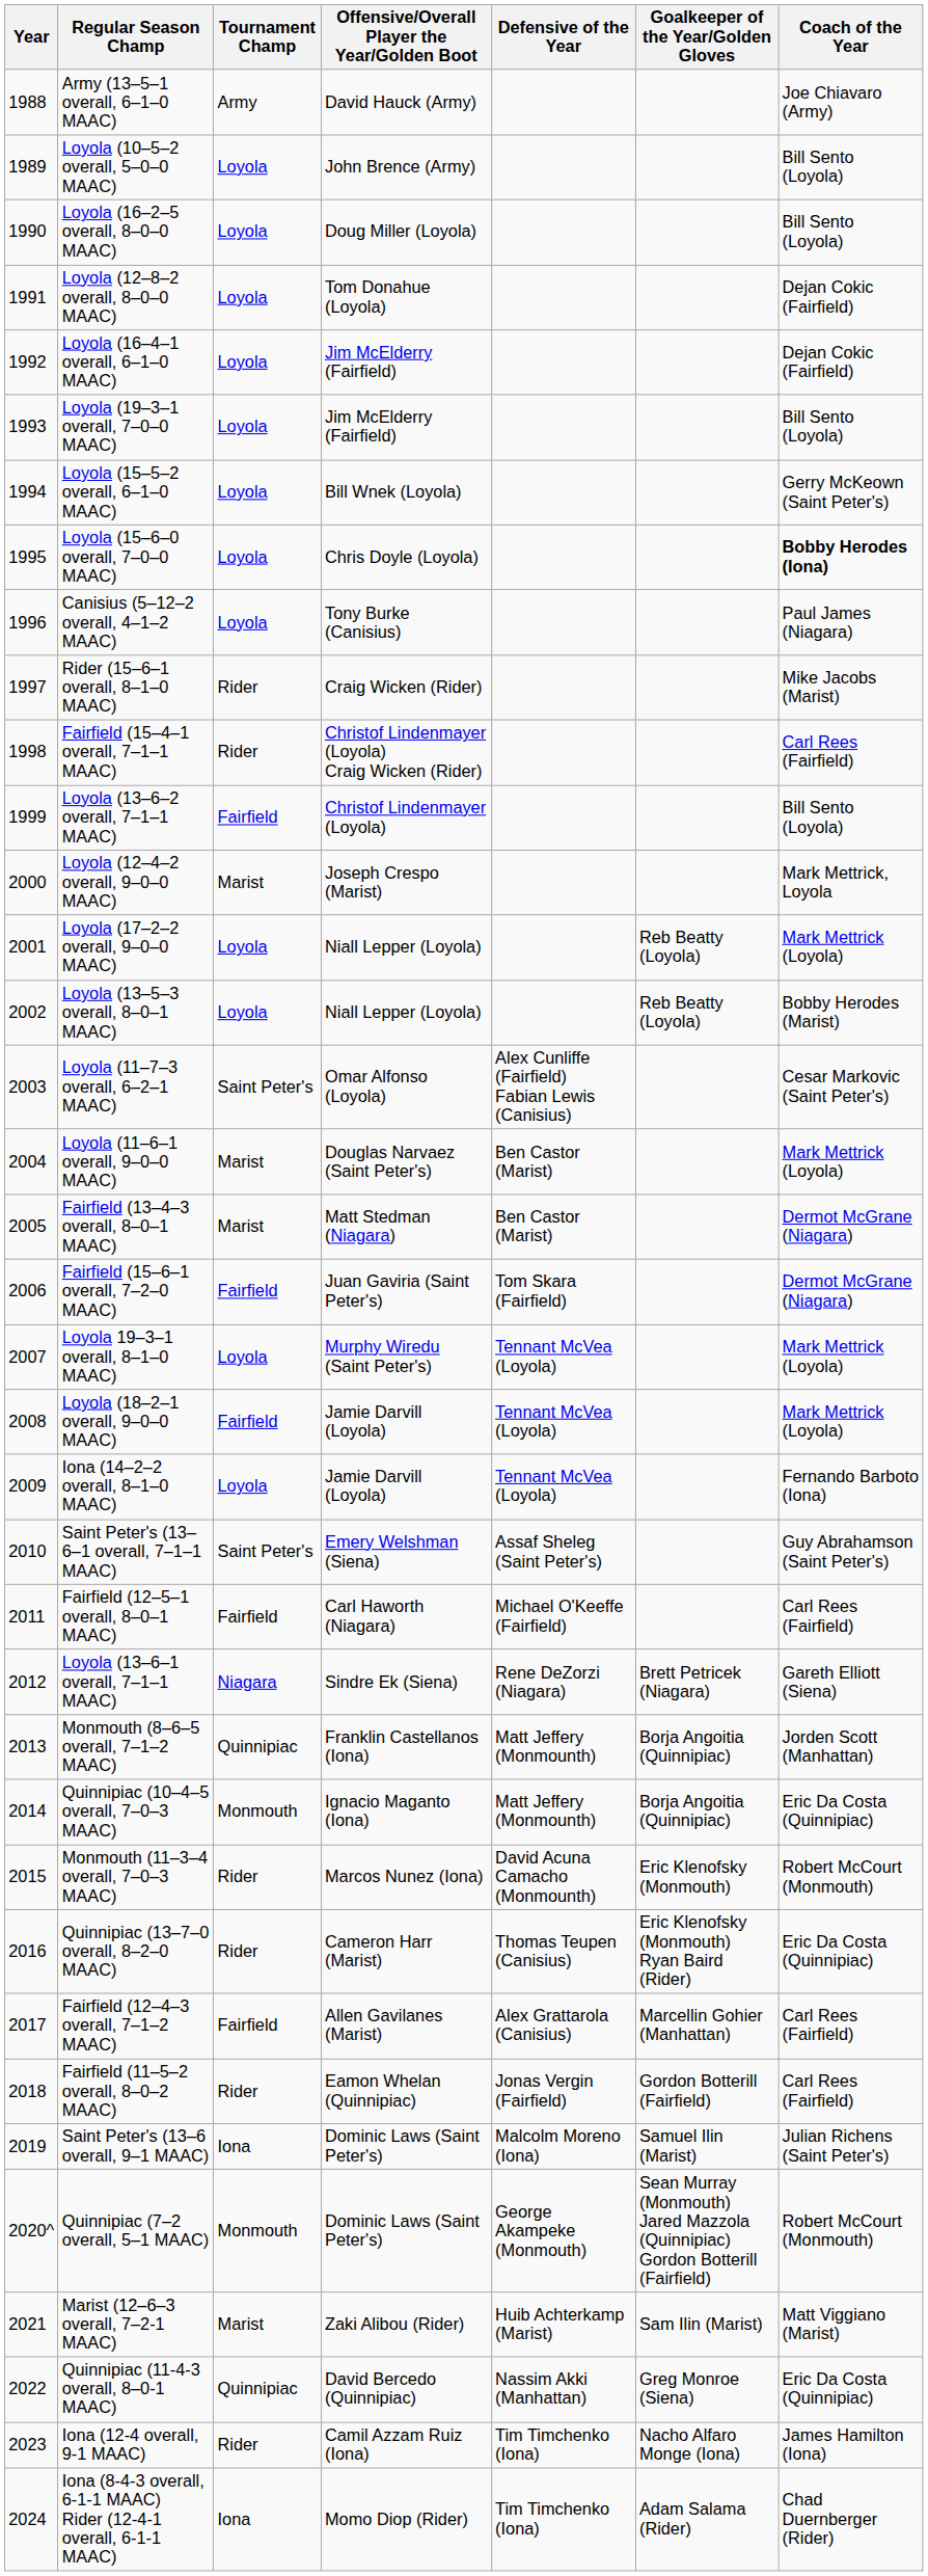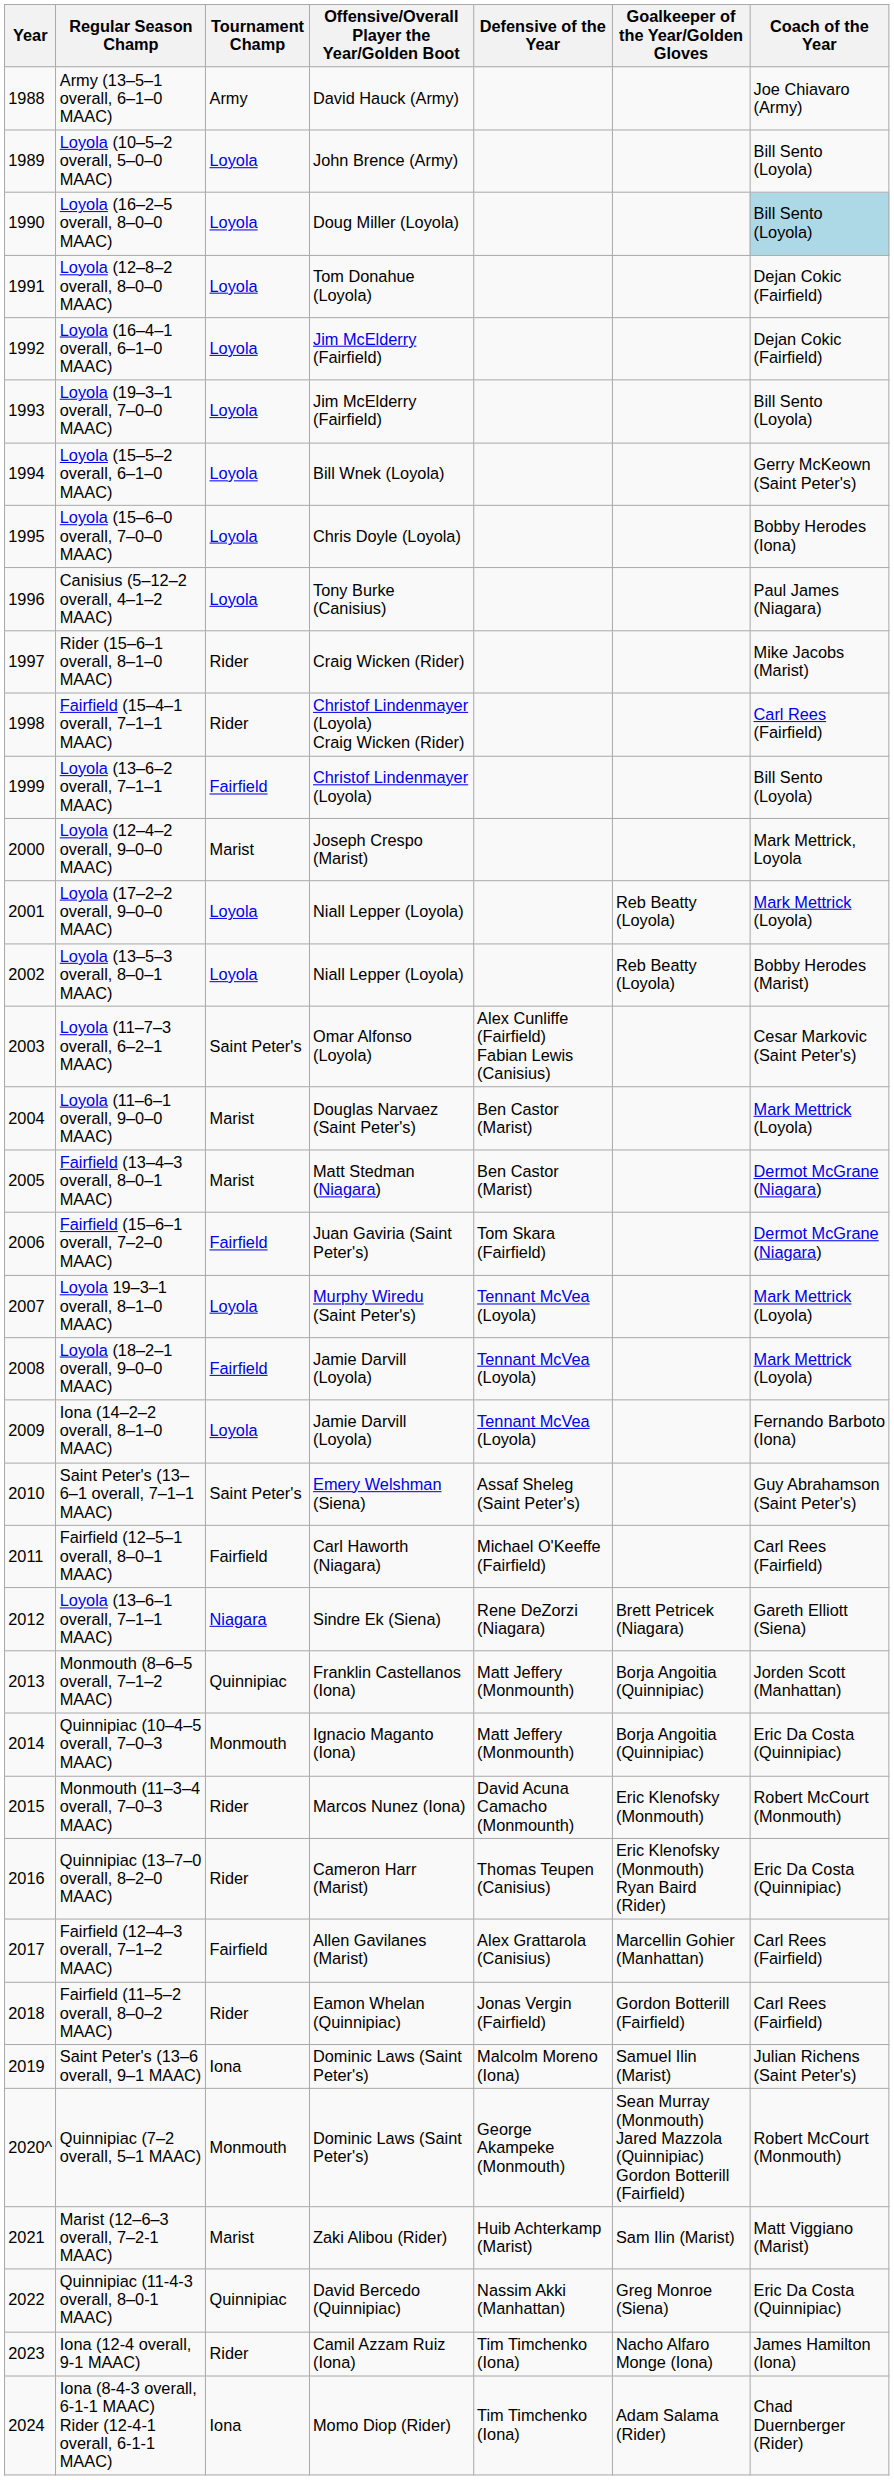 <table class="wikitable">
 <tr>
 <th width="40">Year</th>
 <th width="275">Regular Season Champ</th>
 <th width="100">Tournament Champ</th>
 <th width="200">Offensive/Overall Player the Year/Golden Boot</th>
 <th width="200">Defensive of the Year</th>
 <th width="200">Goalkeeper of the Year/Golden Gloves</th>
 <th width="210">Coach of the Year</th>
 </tr>
 <tr>
 <td>1988</td>
 <td>Army (13–5–1 overall, 6–1–0 MAAC)</td>
 <td>Army</td>
 <td>David Hauck (Army)</td>
 <td></td>
 <td></td>
 <td>Joe Chiavaro (Army)</td>
 </tr>
 <tr>
 <td>1989</td>
 <td><a href='#'>Loyola</a> (10–5–2 overall, 5–0–0 MAAC)</td>
 <td><a href='#'>Loyola</a></td>
 <td>John Brence (Army)</td>
 <td></td>
 <td></td>
 <td>Bill Sento (Loyola)</td>
 </tr>
 <tr>
 <td>1990</td>
 <td><a href='#'>Loyola</a> (16–2–5 overall, 8–0–0 MAAC)</td>
 <td><a href='#'>Loyola</a></td>
 <td>Doug Miller (Loyola)</td>
 <td></td>
 <td></td>
-<td>Bill Sento (Loyola)</td>
+<td style="background: lightblue;">Bill Sento (Loyola)</td>
 </tr>
 <tr>
 <td>1991</td>
 <td><a href='#'>Loyola</a> (12–8–2 overall, 8–0–0 MAAC)</td>
 <td><a href='#'>Loyola</a></td>
 <td>Tom Donahue (Loyola)</td>
 <td></td>
 <td></td>
 <td>Dejan Cokic (Fairfield)</td>
 </tr>
 <tr>
 <td>1992</td>
 <td><a href='#'>Loyola</a> (16–4–1 overall, 6–1–0 MAAC)</td>
 <td><a href='#'>Loyola</a></td>
 <td><a href='#'>Jim McElderry</a> (Fairfield)</td>
 <td></td>
 <td></td>
 <td>Dejan Cokic (Fairfield)</td>
 </tr>
 <tr>
 <td>1993</td>
 <td><a href='#'>Loyola</a> (19–3–1 overall, 7–0–0 MAAC)</td>
 <td><a href='#'>Loyola</a></td>
 <td>Jim McElderry (Fairfield)</td>
 <td></td>
 <td></td>
 <td>Bill Sento (Loyola)</td>
 </tr>
 <tr>
 <td>1994</td>
 <td><a href='#'>Loyola</a> (15–5–2 overall, 6–1–0 MAAC)</td>
 <td><a href='#'>Loyola</a></td>
 <td>Bill Wnek (Loyola)</td>
 <td></td>
 <td></td>
 <td>Gerry McKeown (Saint Peter's)</td>
 </tr>
 <tr>
 <td>1995</td>
 <td><a href='#'>Loyola</a> (15–6–0 overall, 7–0–0 MAAC)</td>
 <td><a href='#'>Loyola</a></td>
 <td>Chris Doyle (Loyola)</td>
 <td></td>
 <td></td>
-<td><strong>Bobby Herodes (Iona)</strong></td>
+<td>Bobby Herodes (Iona)</td>
 </tr>
 <tr>
 <td>1996</td>
 <td>Canisius (5–12–2 overall, 4–1–2 MAAC)</td>
 <td><a href='#'>Loyola</a></td>
 <td>Tony Burke (Canisius)</td>
 <td></td>
 <td></td>
 <td>Paul James (Niagara)</td>
 </tr>
 <tr>
 <td>1997</td>
 <td>Rider (15–6–1 overall, 8–1–0 MAAC)</td>
 <td>Rider</td>
 <td>Craig Wicken (Rider)</td>
 <td></td>
 <td></td>
 <td>Mike Jacobs (Marist)</td>
 </tr>
 <tr>
 <td>1998</td>
 <td><a href='#'>Fairfield</a> (15–4–1 overall, 7–1–1 MAAC)</td>
 <td>Rider</td>
 <td><a href='#'>Christof Lindenmayer</a> (Loyola)<br>Craig Wicken (Rider)</td>
 <td></td>
 <td></td>
 <td><a href='#'>Carl Rees</a> (Fairfield)</td>
 </tr>
 <tr>
 <td>1999</td>
 <td><a href='#'>Loyola</a> (13–6–2 overall, 7–1–1 MAAC)</td>
 <td><a href='#'>Fairfield</a></td>
 <td><a href='#'>Christof Lindenmayer</a> (Loyola)</td>
 <td></td>
 <td></td>
 <td>Bill Sento (Loyola)</td>
 </tr>
 <tr>
 <td>2000</td>
 <td><a href='#'>Loyola</a> (12–4–2 overall, 9–0–0 MAAC)</td>
 <td>Marist</td>
 <td>Joseph Crespo (Marist)</td>
 <td></td>
 <td></td>
 <td>Mark Mettrick, Loyola</td>
 </tr>
 <tr>
 <td>2001</td>
 <td><a href='#'>Loyola</a> (17–2–2 overall, 9–0–0 MAAC)</td>
 <td><a href='#'>Loyola</a></td>
 <td>Niall Lepper (Loyola)</td>
 <td></td>
 <td>Reb Beatty (Loyola)</td>
 <td><a href='#'>Mark Mettrick</a> (Loyola)</td>
 </tr>
 <tr>
 <td>2002</td>
 <td><a href='#'>Loyola</a> (13–5–3 overall, 8–0–1 MAAC)</td>
 <td><a href='#'>Loyola</a></td>
 <td>Niall Lepper (Loyola)</td>
 <td></td>
 <td>Reb Beatty (Loyola)</td>
 <td>Bobby Herodes (Marist)</td>
 </tr>
 <tr>
 <td>2003</td>
 <td><a href='#'>Loyola</a> (11–7–3 overall, 6–2–1 MAAC)</td>
 <td>Saint Peter's</td>
 <td>Omar Alfonso (Loyola)</td>
 <td>Alex Cunliffe (Fairfield)<br>Fabian Lewis (Canisius)</td>
 <td></td>
 <td>Cesar Markovic (Saint Peter's)</td>
 </tr>
 <tr>
 <td>2004</td>
 <td><a href='#'>Loyola</a> (11–6–1 overall, 9–0–0 MAAC)</td>
 <td>Marist</td>
 <td>Douglas Narvaez (Saint Peter's)</td>
 <td>Ben Castor (Marist)</td>
 <td></td>
 <td><a href='#'>Mark Mettrick</a> (Loyola)</td>
 </tr>
 <tr>
 <td>2005</td>
 <td><a href='#'>Fairfield</a> (13–4–3 overall, 8–0–1 MAAC)</td>
 <td>Marist</td>
 <td>Matt Stedman (<a href='#'>Niagara</a>)</td>
 <td>Ben Castor (Marist)</td>
 <td></td>
 <td><a href='#'>Dermot McGrane</a> (<a href='#'>Niagara</a>)</td>
 </tr>
 <tr>
 <td>2006</td>
 <td><a href='#'>Fairfield</a> (15–6–1 overall, 7–2–0 MAAC)</td>
 <td><a href='#'>Fairfield</a></td>
 <td>Juan Gaviria (Saint Peter's)</td>
 <td>Tom Skara (Fairfield)</td>
 <td></td>
 <td><a href='#'>Dermot McGrane</a> (<a href='#'>Niagara</a>)</td>
 </tr>
 <tr>
 <td>2007</td>
 <td><a href='#'>Loyola</a> 19–3–1 overall, 8–1–0 MAAC)</td>
 <td><a href='#'>Loyola</a></td>
 <td><a href='#'>Murphy Wiredu</a> (Saint Peter's)</td>
 <td><a href='#'>Tennant McVea</a> (Loyola)</td>
 <td></td>
 <td><a href='#'>Mark Mettrick</a> (Loyola)</td>
 </tr>
 <tr>
 <td>2008</td>
 <td><a href='#'>Loyola</a> (18–2–1 overall, 9–0–0 MAAC)</td>
 <td><a href='#'>Fairfield</a></td>
 <td>Jamie Darvill (Loyola)</td>
 <td><a href='#'>Tennant McVea</a> (Loyola)</td>
 <td></td>
 <td><a href='#'>Mark Mettrick</a> (Loyola)</td>
 </tr>
 <tr>
 <td>2009</td>
 <td>Iona (14–2–2 overall, 8–1–0 MAAC)</td>
 <td><a href='#'>Loyola</a></td>
 <td>Jamie Darvill (Loyola)</td>
 <td><a href='#'>Tennant McVea</a> (Loyola)</td>
 <td></td>
 <td>Fernando Barboto (Iona)</td>
 </tr>
 <tr>
 <td>2010</td>
 <td>Saint Peter's (13–6–1 overall, 7–1–1 MAAC)</td>
 <td>Saint Peter's</td>
 <td><a href='#'>Emery Welshman</a> (Siena)</td>
 <td>Assaf Sheleg (Saint Peter's)</td>
 <td></td>
 <td>Guy Abrahamson (Saint Peter's)</td>
 </tr>
 <tr>
 <td>2011</td>
 <td>Fairfield (12–5–1 overall, 8–0–1 MAAC)</td>
 <td>Fairfield</td>
 <td>Carl Haworth (Niagara)</td>
 <td>Michael O'Keeffe (Fairfield)</td>
 <td></td>
 <td>Carl Rees (Fairfield)</td>
 </tr>
 <tr>
 <td>2012</td>
 <td><a href='#'>Loyola</a> (13–6–1 overall, 7–1–1 MAAC)</td>
 <td><a href='#'>Niagara</a></td>
 <td>Sindre Ek (Siena)</td>
 <td>Rene DeZorzi (Niagara)</td>
 <td>Brett Petricek (Niagara)</td>
 <td>Gareth Elliott (Siena)</td>
 </tr>
 <tr>
 <td>2013</td>
 <td>Monmouth (8–6–5 overall, 7–1–2 MAAC)</td>
 <td>Quinnipiac</td>
 <td>Franklin Castellanos (Iona)</td>
 <td>Matt Jeffery (Monmounth)</td>
 <td>Borja Angoitia (Quinnipiac)</td>
 <td>Jorden Scott (Manhattan)</td>
 </tr>
 <tr>
 <td>2014</td>
 <td>Quinnipiac (10–4–5 overall, 7–0–3 MAAC)</td>
 <td>Monmouth</td>
 <td>Ignacio Maganto (Iona)</td>
 <td>Matt Jeffery (Monmounth)</td>
 <td>Borja Angoitia (Quinnipiac)</td>
 <td>Eric Da Costa (Quinnipiac)</td>
 </tr>
 <tr>
 <td>2015</td>
 <td>Monmouth (11–3–4 overall, 7–0–3 MAAC)</td>
 <td>Rider</td>
 <td>Marcos Nunez (Iona)</td>
 <td>David Acuna Camacho (Monmounth)</td>
 <td>Eric Klenofsky (Monmouth)</td>
 <td>Robert McCourt (Monmouth)</td>
 </tr>
 <tr>
 <td>2016</td>
 <td>Quinnipiac (13–7–0 overall, 8–2–0 MAAC)</td>
 <td>Rider</td>
 <td>Cameron Harr (Marist)</td>
 <td>Thomas Teupen (Canisius)</td>
 <td>Eric Klenofsky (Monmouth)<br> Ryan Baird (Rider)</td>
 <td>Eric Da Costa (Quinnipiac)</td>
 </tr>
 <tr>
 <td>2017</td>
 <td>Fairfield (12–4–3 overall, 7–1–2 MAAC)</td>
 <td>Fairfield</td>
 <td>Allen Gavilanes (Marist)</td>
 <td>Alex Grattarola (Canisius)</td>
 <td>Marcellin Gohier (Manhattan)</td>
 <td>Carl Rees (Fairfield)</td>
 </tr>
 <tr>
 <td>2018</td>
 <td>Fairfield (11–5–2 overall, 8–0–2 MAAC)</td>
 <td>Rider</td>
 <td>Eamon Whelan (Quinnipiac)</td>
 <td>Jonas Vergin (Fairfield)</td>
 <td>Gordon Botterill (Fairfield)</td>
 <td>Carl Rees (Fairfield)</td>
 </tr>
 <tr>
 <td>2019</td>
 <td>Saint Peter's (13–6 overall, 9–1 MAAC)</td>
 <td>Iona</td>
 <td>Dominic Laws (Saint Peter's)</td>
 <td>Malcolm Moreno (Iona)</td>
 <td>Samuel Ilin (Marist)</td>
 <td>Julian Richens (Saint Peter's)</td>
 </tr>
 <tr>
 <td>2020^</td>
 <td>Quinnipiac (7–2 overall, 5–1 MAAC)</td>
 <td>Monmouth</td>
 <td>Dominic Laws (Saint Peter's)</td>
 <td>George Akampeke (Monmouth)</td>
 <td>Sean Murray (Monmouth) <br> Jared Mazzola (Quinnipiac) <br> Gordon Botterill (Fairfield)</td>
 <td>Robert McCourt (Monmouth)</td>
 </tr>
 <tr>
 <td>2021</td>
 <td>Marist (12–6–3 overall, 7–2-1 MAAC)</td>
 <td>Marist</td>
 <td>Zaki Alibou (Rider)</td>
 <td>Huib Achterkamp (Marist)</td>
 <td>Sam Ilin (Marist)</td>
 <td>Matt Viggiano (Marist)</td>
 </tr>
 <tr>
 <td>2022</td>
 <td>Quinnipiac (11-4-3 overall, 8–0-1 MAAC)</td>
 <td>Quinnipiac</td>
 <td>David Bercedo (Quinnipiac)</td>
 <td>Nassim Akki (Manhattan)</td>
 <td>Greg Monroe (Siena)</td>
 <td>Eric Da Costa (Quinnipiac)</td>
 </tr>
 <tr>
 <td>2023</td>
 <td>Iona (12-4 overall, 9-1 MAAC)</td>
 <td>Rider</td>
 <td>Camil Azzam Ruiz (Iona)</td>
 <td>Tim Timchenko (Iona)</td>
 <td>Nacho Alfaro Monge (Iona)</td>
 <td>James Hamilton (Iona)</td>
 </tr>
 <tr>
 <td>2024</td>
 <td>Iona (8-4-3 overall, 6-1-1 MAAC) <br> Rider (12-4-1 overall, 6-1-1 MAAC)</td>
 <td>Iona</td>
 <td>Momo Diop (Rider)</td>
 <td>Tim Timchenko (Iona)</td>
 <td>Adam Salama (Rider)</td>
 <td>Chad Duernberger (Rider)</td>
 </tr>
 </table>
